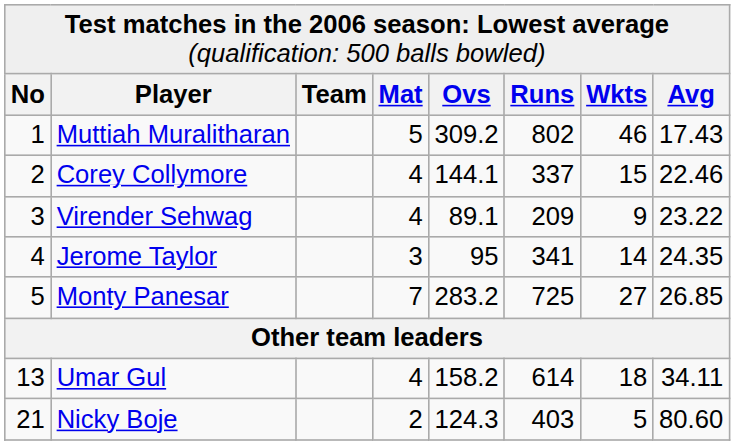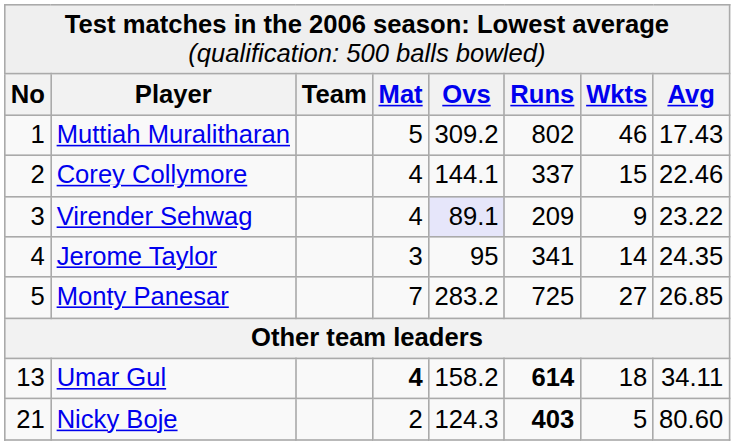 <table class="wikitable">
 <tr>
 <td style="background:#efefef; text-align:center;" colspan="10"><strong>Test matches in the 2006 season: Lowest average</strong><br><em>(qualification: 500 balls bowled)</em></td>
 </tr>
 <tr>
 <th>No</th>
 <th>Player</th>
 <th>Team</th>
 <th><a href='#'>Mat</a></th>
 <th><a href='#'>Ovs</a></th>
 <th><a href='#'>Runs</a></th>
 <th><a href='#'>Wkts</a></th>
 <th><a href='#'>Avg</a></th>
 </tr>
 <tr style="text-align:right;">
 <td>1</td>
 <td style="text-align:left;"><a href='#'>Muttiah Muralitharan</a></td>
 <td style="text-align:left;"></td>
 <td>5</td>
 <td>309.2</td>
 <td>802</td>
 <td>46</td>
 <td>17.43</td>
 </tr>
 <tr style="text-align:right;">
 <td>2</td>
 <td style="text-align:left;"><a href='#'>Corey Collymore</a></td>
 <td style="text-align:left;"></td>
 <td>4</td>
 <td>144.1</td>
 <td>337</td>
 <td>15</td>
 <td>22.46</td>
 </tr>
 <tr style="text-align:right;">
 <td>3</td>
 <td style="text-align:left;"><a href='#'>Virender Sehwag</a></td>
 <td style="text-align:left;"></td>
 <td>4</td>
-<td>89.1</td>
+<td style="background: lavender;">89.1</td>
 <td>209</td>
 <td>9</td>
 <td>23.22</td>
 </tr>
 <tr style="text-align:right;">
 <td>4</td>
 <td style="text-align:left;"><a href='#'>Jerome Taylor</a></td>
 <td style="text-align:left;"></td>
 <td>3</td>
 <td>95</td>
 <td>341</td>
 <td>14</td>
 <td>24.35</td>
 </tr>
 <tr style="text-align:right;">
 <td>5</td>
 <td style="text-align:left;"><a href='#'>Monty Panesar</a></td>
 <td style="text-align:left;"></td>
 <td>7</td>
 <td>283.2</td>
 <td>725</td>
 <td>27</td>
 <td>26.85</td>
 </tr>
 <tr>
 <th colspan="10">Other team leaders</th>
 </tr>
 <tr style="text-align:right;">
 <td>13</td>
 <td style="text-align:left;"><a href='#'>Umar Gul</a></td>
 <td style="text-align:left;"></td>
-<td>4</td>
+<td><strong>4</strong></td>
 <td>158.2</td>
-<td>614</td>
+<td><strong>614</strong></td>
 <td>18</td>
 <td>34.11</td>
 </tr>
 <tr style="text-align:right;">
 <td>21</td>
 <td style="text-align:left;"><a href='#'>Nicky Boje</a></td>
 <td style="text-align:left;"></td>
 <td>2</td>
 <td>124.3</td>
-<td>403</td>
+<td><strong>403</strong></td>
 <td>5</td>
 <td>80.60</td>
 </tr>
 </table>
